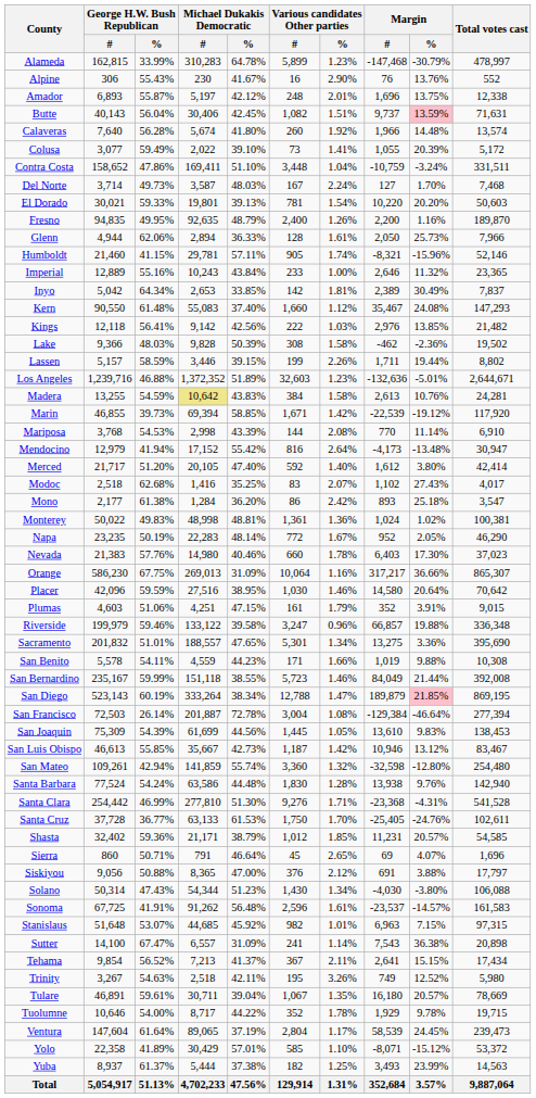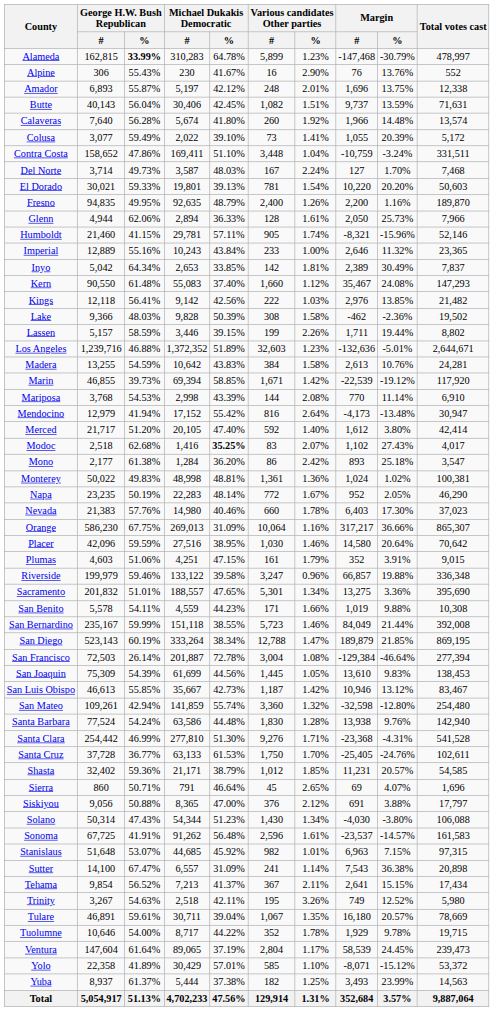 <table width="60%"  class="wikitable sortable" style="text-align:center">
 <tr>
 <th style="text-align:center;" rowspan="2">County</th>
 <th style="text-align:center;" colspan="2">George H.W. Bush<br>Republican</th>
 <th style="text-align:center;" colspan="2">Michael Dukakis<br>Democratic</th>
 <th style="text-align:center;" colspan="2">Various candidates<br>Other parties</th>
 <th style="text-align:center;" colspan="2">Margin</th>
 <th style="text-align:center;" rowspan="2">Total votes cast</th>
 </tr>
 <tr>
 <th style="text-align:center;" data-sort-type="number">#</th>
 <th style="text-align:center;" data-sort-type="number">%</th>
 <th style="text-align:center;" data-sort-type="number">#</th>
 <th style="text-align:center;" data-sort-type="number">%</th>
 <th style="text-align:center;" data-sort-type="number">#</th>
 <th style="text-align:center;" data-sort-type="number">%</th>
 <th style="text-align:center;" data-sort-type="number">#</th>
 <th style="text-align:center;" data-sort-type="number">%</th>
 </tr>
 <tr style="text-align:center;">
 <td><a href='#'>Alameda</a></td>
 <td>162,815</td>
-<td>33.99%</td>
+<td><strong>33.99%</strong></td>
 <td>310,283</td>
 <td>64.78%</td>
 <td>5,899</td>
 <td>1.23%</td>
 <td>-147,468</td>
 <td>-30.79%</td>
 <td>478,997</td>
 </tr>
 <tr style="text-align:center;">
 <td><a href='#'>Alpine</a></td>
 <td>306</td>
 <td>55.43%</td>
 <td>230</td>
 <td>41.67%</td>
 <td>16</td>
 <td>2.90%</td>
 <td>76</td>
 <td>13.76%</td>
 <td>552</td>
 </tr>
 <tr style="text-align:center;">
 <td><a href='#'>Amador</a></td>
 <td>6,893</td>
 <td>55.87%</td>
 <td>5,197</td>
 <td>42.12%</td>
 <td>248</td>
 <td>2.01%</td>
 <td>1,696</td>
 <td>13.75%</td>
 <td>12,338</td>
 </tr>
 <tr style="text-align:center;">
 <td><a href='#'>Butte</a></td>
 <td>40,143</td>
 <td>56.04%</td>
 <td>30,406</td>
 <td>42.45%</td>
 <td>1,082</td>
 <td>1.51%</td>
 <td>9,737</td>
-<td style="background: pink;">13.59%</td>
+<td>13.59%</td>
 <td>71,631</td>
 </tr>
 <tr style="text-align:center;">
 <td><a href='#'>Calaveras</a></td>
 <td>7,640</td>
 <td>56.28%</td>
 <td>5,674</td>
 <td>41.80%</td>
 <td>260</td>
 <td>1.92%</td>
 <td>1,966</td>
 <td>14.48%</td>
 <td>13,574</td>
 </tr>
 <tr style="text-align:center;">
 <td><a href='#'>Colusa</a></td>
 <td>3,077</td>
 <td>59.49%</td>
 <td>2,022</td>
 <td>39.10%</td>
 <td>73</td>
 <td>1.41%</td>
 <td>1,055</td>
 <td>20.39%</td>
 <td>5,172</td>
 </tr>
 <tr style="text-align:center;">
 <td><a href='#'>Contra Costa</a></td>
 <td>158,652</td>
 <td>47.86%</td>
 <td>169,411</td>
 <td>51.10%</td>
 <td>3,448</td>
 <td>1.04%</td>
 <td>-10,759</td>
 <td>-3.24%</td>
 <td>331,511</td>
 </tr>
 <tr style="text-align:center;">
 <td><a href='#'>Del Norte</a></td>
 <td>3,714</td>
 <td>49.73%</td>
 <td>3,587</td>
 <td>48.03%</td>
 <td>167</td>
 <td>2.24%</td>
 <td>127</td>
 <td>1.70%</td>
 <td>7,468</td>
 </tr>
 <tr style="text-align:center;">
 <td><a href='#'>El Dorado</a></td>
 <td>30,021</td>
 <td>59.33%</td>
 <td>19,801</td>
 <td>39.13%</td>
 <td>781</td>
 <td>1.54%</td>
 <td>10,220</td>
 <td>20.20%</td>
 <td>50,603</td>
 </tr>
 <tr style="text-align:center;">
 <td><a href='#'>Fresno</a></td>
 <td>94,835</td>
 <td>49.95%</td>
 <td>92,635</td>
 <td>48.79%</td>
 <td>2,400</td>
 <td>1.26%</td>
 <td>2,200</td>
 <td>1.16%</td>
 <td>189,870</td>
 </tr>
 <tr style="text-align:center;">
 <td><a href='#'>Glenn</a></td>
 <td>4,944</td>
 <td>62.06%</td>
 <td>2,894</td>
 <td>36.33%</td>
 <td>128</td>
 <td>1.61%</td>
 <td>2,050</td>
 <td>25.73%</td>
 <td>7,966</td>
 </tr>
 <tr style="text-align:center;">
 <td><a href='#'>Humboldt</a></td>
 <td>21,460</td>
 <td>41.15%</td>
 <td>29,781</td>
 <td>57.11%</td>
 <td>905</td>
 <td>1.74%</td>
 <td>-8,321</td>
 <td>-15.96%</td>
 <td>52,146</td>
 </tr>
 <tr style="text-align:center;">
 <td><a href='#'>Imperial</a></td>
 <td>12,889</td>
 <td>55.16%</td>
 <td>10,243</td>
 <td>43.84%</td>
 <td>233</td>
 <td>1.00%</td>
 <td>2,646</td>
 <td>11.32%</td>
 <td>23,365</td>
 </tr>
 <tr style="text-align:center;">
 <td><a href='#'>Inyo</a></td>
 <td>5,042</td>
 <td>64.34%</td>
 <td>2,653</td>
 <td>33.85%</td>
 <td>142</td>
 <td>1.81%</td>
 <td>2,389</td>
 <td>30.49%</td>
 <td>7,837</td>
 </tr>
 <tr style="text-align:center;">
 <td><a href='#'>Kern</a></td>
 <td>90,550</td>
 <td>61.48%</td>
 <td>55,083</td>
 <td>37.40%</td>
 <td>1,660</td>
 <td>1.12%</td>
 <td>35,467</td>
 <td>24.08%</td>
 <td>147,293</td>
 </tr>
 <tr style="text-align:center;">
 <td><a href='#'>Kings</a></td>
 <td>12,118</td>
 <td>56.41%</td>
 <td>9,142</td>
 <td>42.56%</td>
 <td>222</td>
 <td>1.03%</td>
 <td>2,976</td>
 <td>13.85%</td>
 <td>21,482</td>
 </tr>
 <tr style="text-align:center;">
 <td><a href='#'>Lake</a></td>
 <td>9,366</td>
 <td>48.03%</td>
 <td>9,828</td>
 <td>50.39%</td>
 <td>308</td>
 <td>1.58%</td>
 <td>-462</td>
 <td>-2.36%</td>
 <td>19,502</td>
 </tr>
 <tr style="text-align:center;">
 <td><a href='#'>Lassen</a></td>
 <td>5,157</td>
 <td>58.59%</td>
 <td>3,446</td>
 <td>39.15%</td>
 <td>199</td>
 <td>2.26%</td>
 <td>1,711</td>
 <td>19.44%</td>
 <td>8,802</td>
 </tr>
 <tr style="text-align:center;">
 <td><a href='#'>Los Angeles</a></td>
 <td>1,239,716</td>
 <td>46.88%</td>
 <td>1,372,352</td>
 <td>51.89%</td>
 <td>32,603</td>
 <td>1.23%</td>
 <td>-132,636</td>
 <td>-5.01%</td>
 <td>2,644,671</td>
 </tr>
 <tr style="text-align:center;">
 <td><a href='#'>Madera</a></td>
 <td>13,255</td>
 <td>54.59%</td>
-<td style="background: khaki;">10,642</td>
+<td>10,642</td>
 <td>43.83%</td>
 <td>384</td>
 <td>1.58%</td>
 <td>2,613</td>
 <td>10.76%</td>
 <td>24,281</td>
 </tr>
 <tr style="text-align:center;">
 <td><a href='#'>Marin</a></td>
 <td>46,855</td>
 <td>39.73%</td>
 <td>69,394</td>
 <td>58.85%</td>
 <td>1,671</td>
 <td>1.42%</td>
 <td>-22,539</td>
 <td>-19.12%</td>
 <td>117,920</td>
 </tr>
 <tr style="text-align:center;">
 <td><a href='#'>Mariposa</a></td>
 <td>3,768</td>
 <td>54.53%</td>
 <td>2,998</td>
 <td>43.39%</td>
 <td>144</td>
 <td>2.08%</td>
 <td>770</td>
 <td>11.14%</td>
 <td>6,910</td>
 </tr>
 <tr style="text-align:center;">
 <td><a href='#'>Mendocino</a></td>
 <td>12,979</td>
 <td>41.94%</td>
 <td>17,152</td>
 <td>55.42%</td>
 <td>816</td>
 <td>2.64%</td>
 <td>-4,173</td>
 <td>-13.48%</td>
 <td>30,947</td>
 </tr>
 <tr style="text-align:center;">
 <td><a href='#'>Merced</a></td>
 <td>21,717</td>
 <td>51.20%</td>
 <td>20,105</td>
 <td>47.40%</td>
 <td>592</td>
 <td>1.40%</td>
 <td>1,612</td>
 <td>3.80%</td>
 <td>42,414</td>
 </tr>
 <tr style="text-align:center;">
 <td><a href='#'>Modoc</a></td>
 <td>2,518</td>
 <td>62.68%</td>
 <td>1,416</td>
-<td>35.25%</td>
+<td><strong>35.25%</strong></td>
 <td>83</td>
 <td>2.07%</td>
 <td>1,102</td>
 <td>27.43%</td>
 <td>4,017</td>
 </tr>
 <tr style="text-align:center;">
 <td><a href='#'>Mono</a></td>
 <td>2,177</td>
 <td>61.38%</td>
 <td>1,284</td>
 <td>36.20%</td>
 <td>86</td>
 <td>2.42%</td>
 <td>893</td>
 <td>25.18%</td>
 <td>3,547</td>
 </tr>
 <tr style="text-align:center;">
 <td><a href='#'>Monterey</a></td>
 <td>50,022</td>
 <td>49.83%</td>
 <td>48,998</td>
 <td>48.81%</td>
 <td>1,361</td>
 <td>1.36%</td>
 <td>1,024</td>
 <td>1.02%</td>
 <td>100,381</td>
 </tr>
 <tr style="text-align:center;">
 <td><a href='#'>Napa</a></td>
 <td>23,235</td>
 <td>50.19%</td>
 <td>22,283</td>
 <td>48.14%</td>
 <td>772</td>
 <td>1.67%</td>
 <td>952</td>
 <td>2.05%</td>
 <td>46,290</td>
 </tr>
 <tr style="text-align:center;">
 <td><a href='#'>Nevada</a></td>
 <td>21,383</td>
 <td>57.76%</td>
 <td>14,980</td>
 <td>40.46%</td>
 <td>660</td>
 <td>1.78%</td>
 <td>6,403</td>
 <td>17.30%</td>
 <td>37,023</td>
 </tr>
 <tr style="text-align:center;">
 <td><a href='#'>Orange</a></td>
 <td>586,230</td>
 <td>67.75%</td>
 <td>269,013</td>
 <td>31.09%</td>
 <td>10,064</td>
 <td>1.16%</td>
 <td>317,217</td>
 <td>36.66%</td>
 <td>865,307</td>
 </tr>
 <tr style="text-align:center;">
 <td><a href='#'>Placer</a></td>
 <td>42,096</td>
 <td>59.59%</td>
 <td>27,516</td>
 <td>38.95%</td>
 <td>1,030</td>
 <td>1.46%</td>
 <td>14,580</td>
 <td>20.64%</td>
 <td>70,642</td>
 </tr>
 <tr style="text-align:center;">
 <td><a href='#'>Plumas</a></td>
 <td>4,603</td>
 <td>51.06%</td>
 <td>4,251</td>
 <td>47.15%</td>
 <td>161</td>
 <td>1.79%</td>
 <td>352</td>
 <td>3.91%</td>
 <td>9,015</td>
 </tr>
 <tr style="text-align:center;">
 <td><a href='#'>Riverside</a></td>
 <td>199,979</td>
 <td>59.46%</td>
 <td>133,122</td>
 <td>39.58%</td>
 <td>3,247</td>
 <td>0.96%</td>
 <td>66,857</td>
 <td>19.88%</td>
 <td>336,348</td>
 </tr>
 <tr style="text-align:center;">
 <td><a href='#'>Sacramento</a></td>
 <td>201,832</td>
 <td>51.01%</td>
 <td>188,557</td>
 <td>47.65%</td>
 <td>5,301</td>
 <td>1.34%</td>
 <td>13,275</td>
 <td>3.36%</td>
 <td>395,690</td>
 </tr>
 <tr style="text-align:center;">
 <td><a href='#'>San Benito</a></td>
 <td>5,578</td>
 <td>54.11%</td>
 <td>4,559</td>
 <td>44.23%</td>
 <td>171</td>
 <td>1.66%</td>
 <td>1,019</td>
 <td>9.88%</td>
 <td>10,308</td>
 </tr>
 <tr style="text-align:center;">
 <td><a href='#'>San Bernardino</a></td>
 <td>235,167</td>
 <td>59.99%</td>
 <td>151,118</td>
 <td>38.55%</td>
 <td>5,723</td>
 <td>1.46%</td>
 <td>84,049</td>
 <td>21.44%</td>
 <td>392,008</td>
 </tr>
 <tr style="text-align:center;">
 <td><a href='#'>San Diego</a></td>
 <td>523,143</td>
 <td>60.19%</td>
 <td>333,264</td>
 <td>38.34%</td>
 <td>12,788</td>
 <td>1.47%</td>
 <td>189,879</td>
-<td style="background: pink;">21.85%</td>
+<td>21.85%</td>
 <td>869,195</td>
 </tr>
 <tr style="text-align:center;">
 <td><a href='#'>San Francisco</a></td>
 <td>72,503</td>
 <td>26.14%</td>
 <td>201,887</td>
 <td>72.78%</td>
 <td>3,004</td>
 <td>1.08%</td>
 <td>-129,384</td>
 <td>-46.64%</td>
 <td>277,394</td>
 </tr>
 <tr style="text-align:center;">
 <td><a href='#'>San Joaquin</a></td>
 <td>75,309</td>
 <td>54.39%</td>
 <td>61,699</td>
 <td>44.56%</td>
 <td>1,445</td>
 <td>1.05%</td>
 <td>13,610</td>
 <td>9.83%</td>
 <td>138,453</td>
 </tr>
 <tr style="text-align:center;">
 <td><a href='#'>San Luis Obispo</a></td>
 <td>46,613</td>
 <td>55.85%</td>
 <td>35,667</td>
 <td>42.73%</td>
 <td>1,187</td>
 <td>1.42%</td>
 <td>10,946</td>
 <td>13.12%</td>
 <td>83,467</td>
 </tr>
 <tr style="text-align:center;">
 <td><a href='#'>San Mateo</a></td>
 <td>109,261</td>
 <td>42.94%</td>
 <td>141,859</td>
 <td>55.74%</td>
 <td>3,360</td>
 <td>1.32%</td>
 <td>-32,598</td>
 <td>-12.80%</td>
 <td>254,480</td>
 </tr>
 <tr style="text-align:center;">
 <td><a href='#'>Santa Barbara</a></td>
 <td>77,524</td>
 <td>54.24%</td>
 <td>63,586</td>
 <td>44.48%</td>
 <td>1,830</td>
 <td>1.28%</td>
 <td>13,938</td>
 <td>9.76%</td>
 <td>142,940</td>
 </tr>
 <tr style="text-align:center;">
 <td><a href='#'>Santa Clara</a></td>
 <td>254,442</td>
 <td>46.99%</td>
 <td>277,810</td>
 <td>51.30%</td>
 <td>9,276</td>
 <td>1.71%</td>
 <td>-23,368</td>
 <td>-4.31%</td>
 <td>541,528</td>
 </tr>
 <tr style="text-align:center;">
 <td><a href='#'>Santa Cruz</a></td>
 <td>37,728</td>
 <td>36.77%</td>
 <td>63,133</td>
 <td>61.53%</td>
 <td>1,750</td>
 <td>1.70%</td>
 <td>-25,405</td>
 <td>-24.76%</td>
 <td>102,611</td>
 </tr>
 <tr style="text-align:center;">
 <td><a href='#'>Shasta</a></td>
 <td>32,402</td>
 <td>59.36%</td>
 <td>21,171</td>
 <td>38.79%</td>
 <td>1,012</td>
 <td>1.85%</td>
 <td>11,231</td>
 <td>20.57%</td>
 <td>54,585</td>
 </tr>
 <tr style="text-align:center;">
 <td><a href='#'>Sierra</a></td>
 <td>860</td>
 <td>50.71%</td>
 <td>791</td>
 <td>46.64%</td>
 <td>45</td>
 <td>2.65%</td>
 <td>69</td>
 <td>4.07%</td>
 <td>1,696</td>
 </tr>
 <tr style="text-align:center;">
 <td><a href='#'>Siskiyou</a></td>
 <td>9,056</td>
 <td>50.88%</td>
 <td>8,365</td>
 <td>47.00%</td>
 <td>376</td>
 <td>2.12%</td>
 <td>691</td>
 <td>3.88%</td>
 <td>17,797</td>
 </tr>
 <tr style="text-align:center;">
 <td><a href='#'>Solano</a></td>
 <td>50,314</td>
 <td>47.43%</td>
 <td>54,344</td>
 <td>51.23%</td>
 <td>1,430</td>
 <td>1.34%</td>
 <td>-4,030</td>
 <td>-3.80%</td>
 <td>106,088</td>
 </tr>
 <tr style="text-align:center;">
 <td><a href='#'>Sonoma</a></td>
 <td>67,725</td>
 <td>41.91%</td>
 <td>91,262</td>
 <td>56.48%</td>
 <td>2,596</td>
 <td>1.61%</td>
 <td>-23,537</td>
 <td>-14.57%</td>
 <td>161,583</td>
 </tr>
 <tr style="text-align:center;">
 <td><a href='#'>Stanislaus</a></td>
 <td>51,648</td>
 <td>53.07%</td>
 <td>44,685</td>
 <td>45.92%</td>
 <td>982</td>
 <td>1.01%</td>
 <td>6,963</td>
 <td>7.15%</td>
 <td>97,315</td>
 </tr>
 <tr style="text-align:center;">
 <td><a href='#'>Sutter</a></td>
 <td>14,100</td>
 <td>67.47%</td>
 <td>6,557</td>
 <td>31.09%</td>
 <td>241</td>
 <td>1.14%</td>
 <td>7,543</td>
 <td>36.38%</td>
 <td>20,898</td>
 </tr>
 <tr style="text-align:center;">
 <td><a href='#'>Tehama</a></td>
 <td>9,854</td>
 <td>56.52%</td>
 <td>7,213</td>
 <td>41.37%</td>
 <td>367</td>
 <td>2.11%</td>
 <td>2,641</td>
 <td>15.15%</td>
 <td>17,434</td>
 </tr>
 <tr style="text-align:center;">
 <td><a href='#'>Trinity</a></td>
 <td>3,267</td>
 <td>54.63%</td>
 <td>2,518</td>
 <td>42.11%</td>
 <td>195</td>
 <td>3.26%</td>
 <td>749</td>
 <td>12.52%</td>
 <td>5,980</td>
 </tr>
 <tr style="text-align:center;">
 <td><a href='#'>Tulare</a></td>
 <td>46,891</td>
 <td>59.61%</td>
 <td>30,711</td>
 <td>39.04%</td>
 <td>1,067</td>
 <td>1.35%</td>
 <td>16,180</td>
 <td>20.57%</td>
 <td>78,669</td>
 </tr>
 <tr style="text-align:center;">
 <td><a href='#'>Tuolumne</a></td>
 <td>10,646</td>
 <td>54.00%</td>
 <td>8,717</td>
 <td>44.22%</td>
 <td>352</td>
 <td>1.78%</td>
 <td>1,929</td>
 <td>9.78%</td>
 <td>19,715</td>
 </tr>
 <tr style="text-align:center;">
 <td><a href='#'>Ventura</a></td>
 <td>147,604</td>
 <td>61.64%</td>
 <td>89,065</td>
 <td>37.19%</td>
 <td>2,804</td>
 <td>1.17%</td>
 <td>58,539</td>
 <td>24.45%</td>
 <td>239,473</td>
 </tr>
 <tr style="text-align:center;">
 <td><a href='#'>Yolo</a></td>
 <td>22,358</td>
 <td>41.89%</td>
 <td>30,429</td>
 <td>57.01%</td>
 <td>585</td>
 <td>1.10%</td>
 <td>-8,071</td>
 <td>-15.12%</td>
 <td>53,372</td>
 </tr>
 <tr style="text-align:center;">
 <td><a href='#'>Yuba</a></td>
 <td>8,937</td>
 <td>61.37%</td>
 <td>5,444</td>
 <td>37.38%</td>
 <td>182</td>
 <td>1.25%</td>
 <td>3,493</td>
 <td>23.99%</td>
 <td>14,563</td>
 </tr>
 <tr>
 <th>Total</th>
 <th>5,054,917</th>
 <th>51.13%</th>
 <th>4,702,233</th>
 <th>47.56%</th>
 <th>129,914</th>
 <th>1.31%</th>
 <th>352,684</th>
 <th>3.57%</th>
 <th>9,887,064</th>
 </tr>
 </table>
